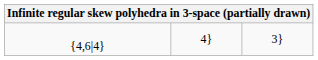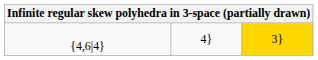 <table class="wikitable">
 <tr>
 <th colspan=3>Infinite regular skew polyhedra in 3-space (partially drawn)</th>
 </tr>
 <tr align=center>
 <td><br>{4,6|4}</td>
 <td>4}</td>
-<td>3}</td>
+<td style="background: gold;">3}</td>
 </tr>
 </table>
